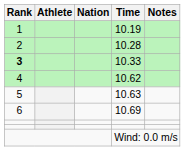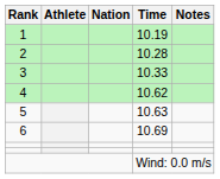 <table class="wikitable plainrowheaders sortable" style="text-align:center;">
 <tr>
 <th scope=col>Rank</th>
 <th scope=col>Athlete</th>
 <th scope=col>Nation</th>
 <th scope=col>Time</th>
 <th scope=col>Notes</th>
 </tr>
 <tr bgcolor=#bbf3bb>
 <td>1</td>
 <th scope=row style="background:#bbf3bb; text-align:left;"></th>
 <td align=left></td>
 <td>10.19</td>
 <td></td>
 </tr>
 <tr bgcolor=#bbf3bb>
 <td>2</td>
 <th scope=row style="background:#bbf3bb; text-align:left;"></th>
 <td align=left></td>
 <td>10.28</td>
 <td></td>
 </tr>
 <tr bgcolor=#bbf3bb>
-<td><strong>3</strong></td>
+<td>3</td>
 <th scope=row style="background:#bbf3bb; text-align:left;"></th>
 <td align=left></td>
 <td>10.33</td>
 <td></td>
 </tr>
 <tr bgcolor=#bbf3bb>
 <td>4</td>
 <th scope=row style="background:#bbf3bb; text-align:left;"></th>
 <td align=left></td>
 <td>10.62</td>
 <td></td>
 </tr>
 <tr>
 <td>5</td>
 <th scope=row style=text-align:left;></th>
 <td align=left></td>
 <td>10.63</td>
 <td></td>
 </tr>
 <tr>
 <td>6</td>
 <th scope=row style=text-align:left;></th>
 <td align=left></td>
 <td>10.69</td>
 <td></td>
 </tr>
 <tr>
 <td></td>
 <th scope=row style=text-align:left;></th>
 <td align=left></td>
 <td></td>
 <td></td>
 </tr>
 <tr>
 <td></td>
 <th scope=row style=text-align:left;></th>
 <td align=left></td>
 <td></td>
 <td></td>
 </tr>
 <tr class=sortbottom>
 <td colspan=3></td>
 <td colspan=2 style=text-align:left;>Wind: 0.0 m/s</td>
 </tr>
 </table>
